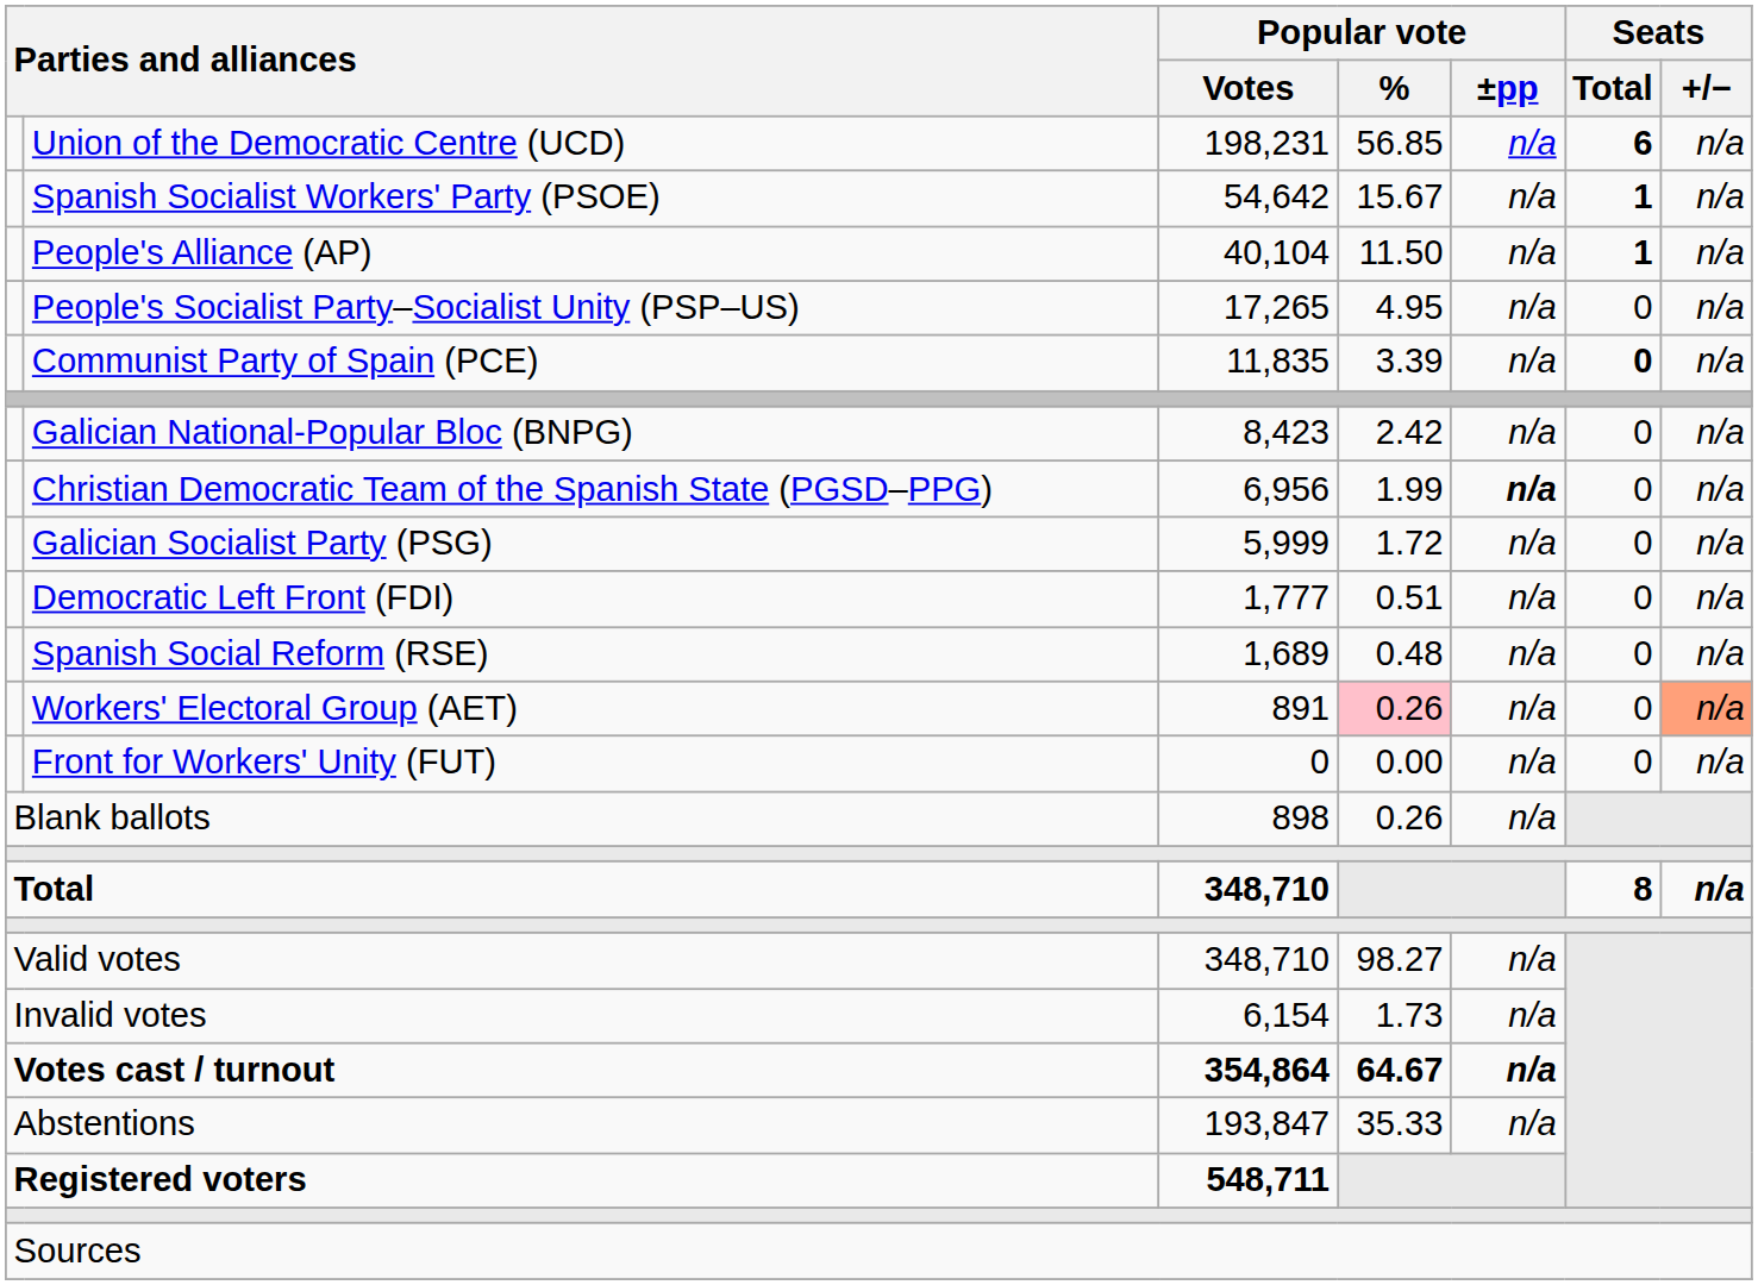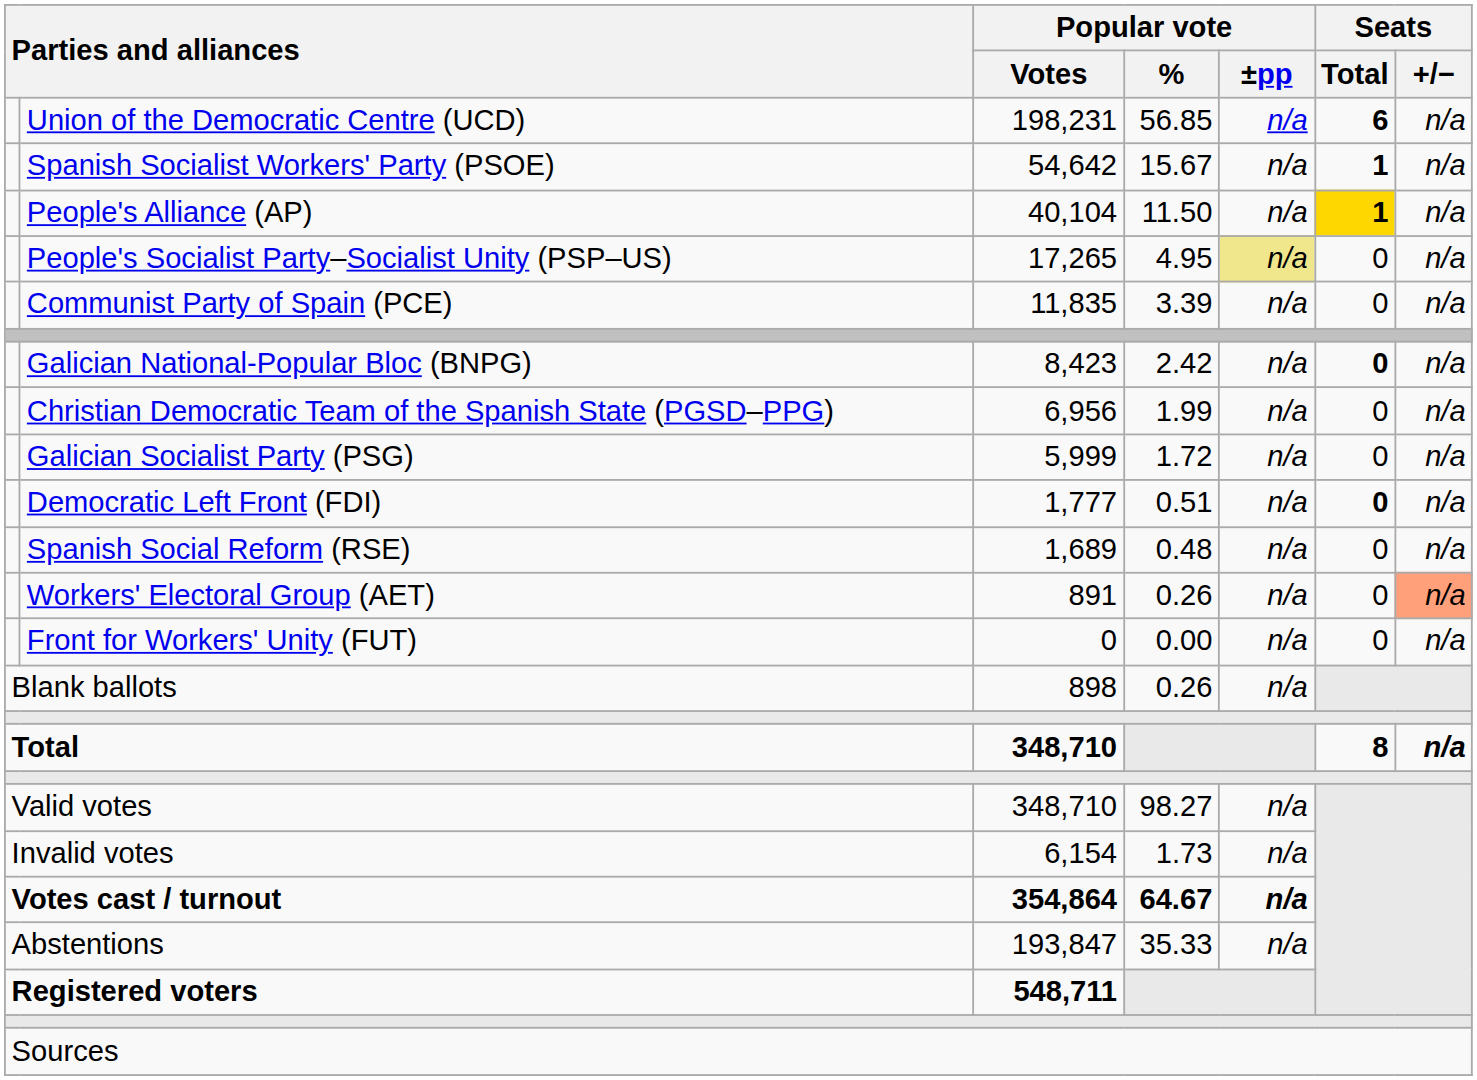 <table class="wikitable" style="text-align:right;">
 <tr>
 <th style="text-align:left;" rowspan="2" colspan="2" width="525">Parties and alliances</th>
 <th colspan="3">Popular vote</th>
 <th colspan="2">Seats</th>
 </tr>
 <tr>
 <th width="75">Votes</th>
 <th width="45">%</th>
 <th width="45">±<a href='#'>pp</a></th>
 <th width="35">Total</th>
 <th width="35">+/−</th>
 </tr>
 <tr>
 <td width="1" style="color:inherit;background:"></td>
 <td align="left"><a href='#'>Union of the Democratic Centre</a> (UCD)</td>
 <td>198,231</td>
 <td>56.85</td>
 <td><em><a href='#'>n/a</a></em></td>
 <td><strong>6</strong></td>
 <td><em>n/a</em></td>
 </tr>
 <tr>
 <td style="color:inherit;background:"></td>
 <td align="left"><a href='#'>Spanish Socialist Workers' Party</a> (PSOE)</td>
 <td>54,642</td>
 <td>15.67</td>
 <td><em>n/a</em></td>
 <td><strong>1</strong></td>
 <td><em>n/a</em></td>
 </tr>
 <tr>
 <td style="color:inherit;background:"></td>
 <td align="left"><a href='#'>People's Alliance</a> (AP)</td>
 <td>40,104</td>
 <td>11.50</td>
 <td><em>n/a</em></td>
-<td><strong>1</strong></td>
+<td style="background: gold;"><strong>1</strong></td>
 <td><em>n/a</em></td>
 </tr>
 <tr>
 <td style="color:inherit;background:"></td>
 <td align="left"><a href='#'>People's Socialist Party</a>–<a href='#'>Socialist Unity</a> (PSP–US)</td>
 <td>17,265</td>
 <td>4.95</td>
-<td><em>n/a</em></td>
+<td style="background: khaki;"><em>n/a</em></td>
 <td>0</td>
 <td><em>n/a</em></td>
 </tr>
 <tr>
 <td style="color:inherit;background:"></td>
 <td align="left"><a href='#'>Communist Party of Spain</a> (PCE)</td>
 <td>11,835</td>
 <td>3.39</td>
 <td><em>n/a</em></td>
-<td><strong>0</strong></td>
+<td>0</td>
 <td><em>n/a</em></td>
 </tr>
 <tr>
 <td colspan="7" bgcolor="#C0C0C0"></td>
 </tr>
 <tr>
 <td style="color:inherit;background:"></td>
 <td align="left"><a href='#'>Galician National-Popular Bloc</a> (BNPG)</td>
 <td>8,423</td>
 <td>2.42</td>
 <td><em>n/a</em></td>
-<td>0</td>
+<td><strong>0</strong></td>
 <td><em>n/a</em></td>
 </tr>
 <tr>
 <td style="color:inherit;background:"></td>
 <td align="left"><a href='#'>Christian Democratic Team of the Spanish State</a> (<a href='#'>PGSD</a>–<a href='#'>PPG</a>)</td>
 <td>6,956</td>
 <td>1.99</td>
-<td><strong><em>n/a</em></strong></td>
+<td><em>n/a</em></td>
 <td>0</td>
 <td><em>n/a</em></td>
 </tr>
 <tr>
 <td style="color:inherit;background:"></td>
 <td align="left"><a href='#'>Galician Socialist Party</a> (PSG)</td>
 <td>5,999</td>
 <td>1.72</td>
 <td><em>n/a</em></td>
 <td>0</td>
 <td><em>n/a</em></td>
 </tr>
 <tr>
 <td style="color:inherit;background:"></td>
 <td align="left"><a href='#'>Democratic Left Front</a> (FDI)</td>
 <td>1,777</td>
 <td>0.51</td>
 <td><em>n/a</em></td>
-<td>0</td>
+<td><strong>0</strong></td>
 <td><em>n/a</em></td>
 </tr>
 <tr>
 <td style="color:inherit;background:"></td>
 <td align="left"><a href='#'>Spanish Social Reform</a> (RSE)</td>
 <td>1,689</td>
 <td>0.48</td>
 <td><em>n/a</em></td>
 <td>0</td>
 <td><em>n/a</em></td>
 </tr>
 <tr>
 <td style="color:inherit;background:"></td>
 <td align="left"><a href='#'>Workers' Electoral Group</a> (AET)</td>
 <td>891</td>
-<td style="background: pink;">0.26</td>
+<td>0.26</td>
 <td><em>n/a</em></td>
 <td>0</td>
 <td style="background: lightsalmon;"><em>n/a</em></td>
 </tr>
 <tr>
 <td style="color:inherit;background:"></td>
 <td align="left"><a href='#'>Front for Workers' Unity</a> (FUT)</td>
 <td>0</td>
 <td>0.00</td>
 <td><em>n/a</em></td>
 <td>0</td>
 <td><em>n/a</em></td>
 </tr>
 <tr>
 <td align="left" colspan="2">Blank ballots</td>
 <td>898</td>
 <td>0.26</td>
 <td><em>n/a</em></td>
 <td bgcolor="#E9E9E9" colspan="2"></td>
 </tr>
 <tr>
 <td colspan="7" bgcolor="#E9E9E9"></td>
 </tr>
 <tr style="font-weight:bold;">
 <td align="left" colspan="2">Total</td>
 <td>348,710</td>
 <td bgcolor="#E9E9E9" colspan="2"></td>
 <td>8</td>
 <td><em>n/a</em></td>
 </tr>
 <tr>
 <td colspan="7" bgcolor="#E9E9E9"></td>
 </tr>
 <tr>
 <td align="left" colspan="2">Valid votes</td>
 <td>348,710</td>
 <td>98.27</td>
 <td><em>n/a</em></td>
 <td bgcolor="#E9E9E9" colspan="2" rowspan="5"></td>
 </tr>
 <tr>
 <td align="left" colspan="2">Invalid votes</td>
 <td>6,154</td>
 <td>1.73</td>
 <td><em>n/a</em></td>
 </tr>
 <tr style="font-weight:bold;">
 <td align="left" colspan="2">Votes cast / turnout</td>
 <td>354,864</td>
 <td>64.67</td>
 <td><em>n/a</em></td>
 </tr>
 <tr>
 <td align="left" colspan="2">Abstentions</td>
 <td>193,847</td>
 <td>35.33</td>
 <td><em>n/a</em></td>
 </tr>
 <tr style="font-weight:bold;">
 <td align="left" colspan="2">Registered voters</td>
 <td>548,711</td>
 <td bgcolor="#E9E9E9" colspan="2"></td>
 </tr>
 <tr>
 <td colspan="7" bgcolor="#E9E9E9"></td>
 </tr>
 <tr>
 <td align="left" colspan="7">Sources</td>
 </tr>
 </table>
